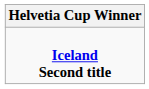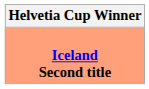 <table class=wikitable style="text-align:center; margin:0 auto;">
 <tr>
 <th>Helvetia Cup Winner</th>
 </tr>
 <tr>
-<td> <br> <strong><a href='#'>Iceland</a></strong> <br> <strong>Second title</strong></td>
+<td style="background: lightsalmon;"> <br> <strong><a href='#'>Iceland</a></strong> <br> <strong>Second title</strong></td>
 </tr>
 </table>
